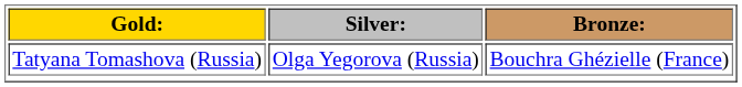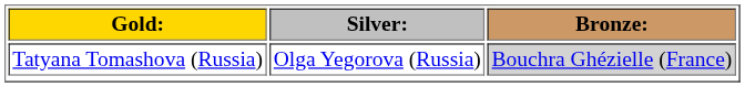 <table border="1" Cellpadding="2">
 <tr>
 <td style="text-align:center;background-color:gold;"><strong>Gold:</strong></td>
 <td style="text-align:center;background-color:silver;"><strong>Silver:</strong></td>
 <td style="text-align:center;background-color:#CC9966;"><strong>Bronze:</strong></td>
 </tr>
 <tr>
 <td> <a href='#'>Tatyana Tomashova</a> (<a href='#'>Russia</a>)</td>
 <td> <a href='#'>Olga Yegorova</a> (<a href='#'>Russia</a>)</td>
-<td> <a href='#'>Bouchra Ghézielle</a> (<a href='#'>France</a>)</td>
+<td style="background: lightgrey;"> <a href='#'>Bouchra Ghézielle</a> (<a href='#'>France</a>)</td>
 </tr>
 <tr>
 </tr>
 </table>
